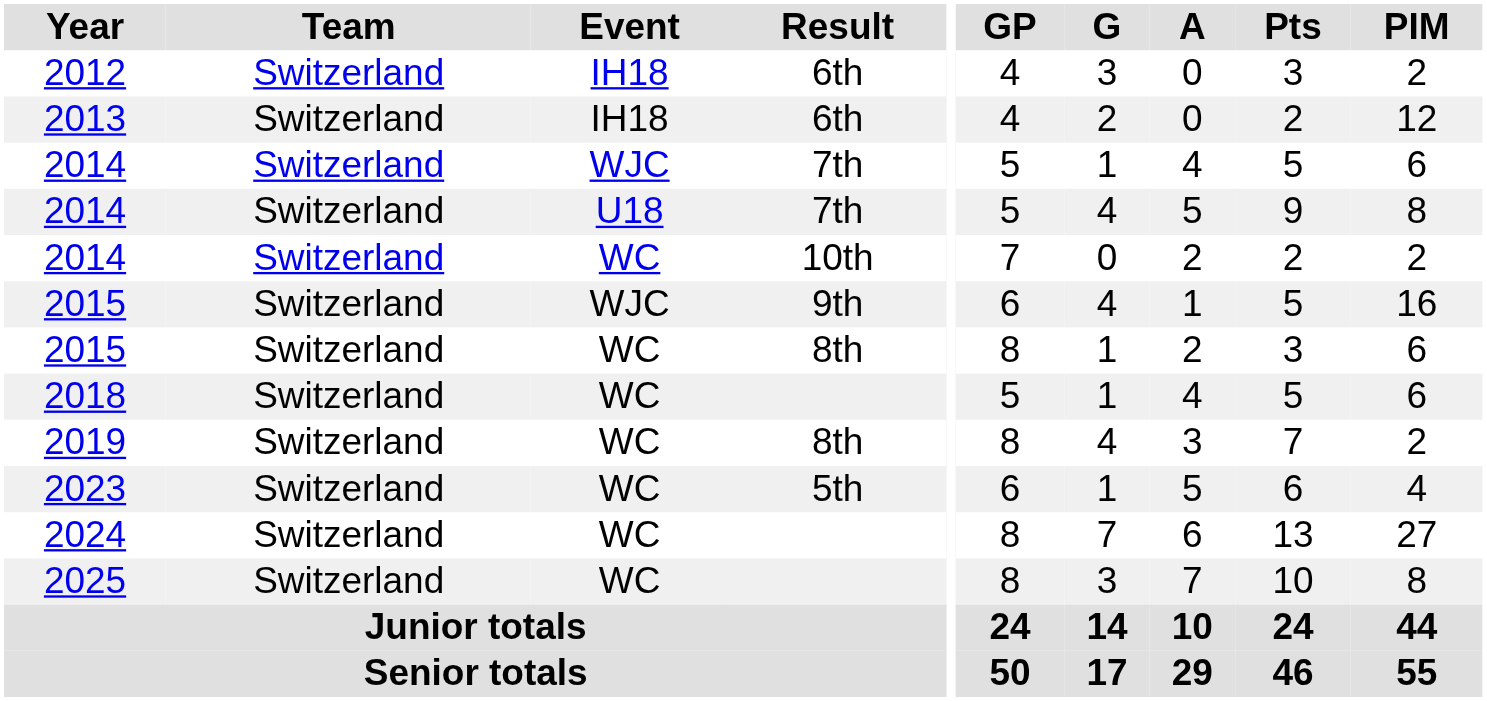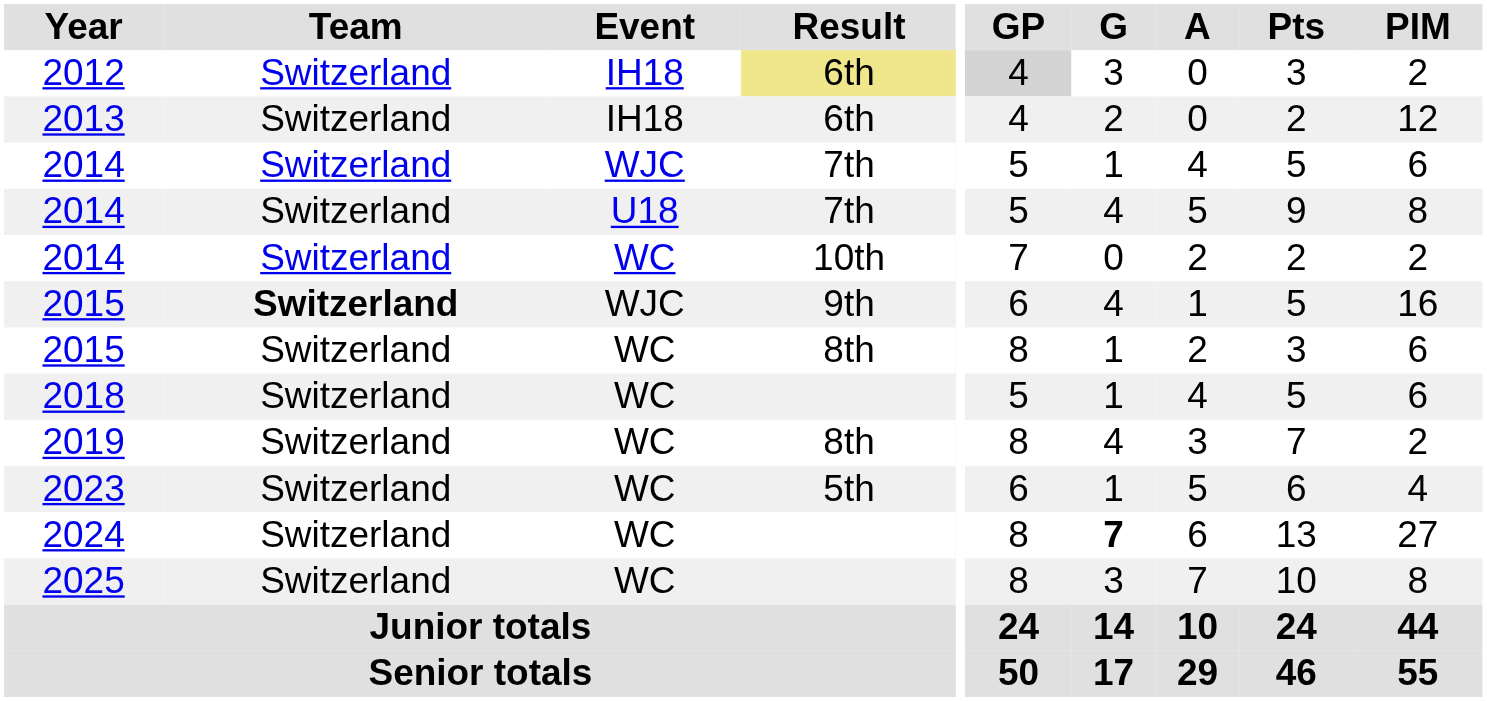 <table border="0" cellpadding="1" cellspacing="0" ID="Table3" style="text-align:center; width:40em">
 <tr ALIGN="center" bgcolor="#e0e0e0">
 <th>Year</th>
 <th>Team</th>
 <th>Event</th>
 <th>Result</th>
 <th rowspan="99" bgcolor="#fff"></th>
 <th>GP</th>
 <th>G</th>
 <th>A</th>
 <th>Pts</th>
 <th>PIM</th>
 </tr>
 <tr>
 <td><a href='#'>2012</a></td>
 <td><a href='#'>Switzerland</a></td>
 <td><a href='#'>IH18</a></td>
-<td>6th</td>
-<td>4</td>
+<td style="background: khaki;">6th</td>
+<td style="background: lightgrey;">4</td>
 <td>3</td>
 <td>0</td>
 <td>3</td>
 <td>2</td>
 </tr>
 <tr bgcolor="#f0f0f0">
 <td><a href='#'>2013</a></td>
 <td>Switzerland</td>
 <td>IH18</td>
 <td>6th</td>
 <td>4</td>
 <td>2</td>
 <td>0</td>
 <td>2</td>
 <td>12</td>
 </tr>
 <tr>
 <td><a href='#'>2014</a></td>
 <td><a href='#'>Switzerland</a></td>
 <td><a href='#'>WJC</a></td>
 <td>7th</td>
 <td>5</td>
 <td>1</td>
 <td>4</td>
 <td>5</td>
 <td>6</td>
 </tr>
 <tr bgcolor="#f0f0f0">
 <td><a href='#'>2014</a></td>
 <td>Switzerland</td>
 <td><a href='#'>U18</a></td>
 <td>7th</td>
 <td>5</td>
 <td>4</td>
 <td>5</td>
 <td>9</td>
 <td>8</td>
 </tr>
 <tr>
 <td><a href='#'>2014</a></td>
 <td><a href='#'>Switzerland</a></td>
 <td><a href='#'>WC</a></td>
 <td>10th</td>
 <td>7</td>
 <td>0</td>
 <td>2</td>
 <td>2</td>
 <td>2</td>
 </tr>
 <tr bgcolor="#f0f0f0">
 <td><a href='#'>2015</a></td>
-<td>Switzerland</td>
+<td><strong>Switzerland</strong></td>
 <td>WJC</td>
 <td>9th</td>
 <td>6</td>
 <td>4</td>
 <td>1</td>
 <td>5</td>
 <td>16</td>
 </tr>
 <tr>
 <td><a href='#'>2015</a></td>
 <td>Switzerland</td>
 <td>WC</td>
 <td>8th</td>
 <td>8</td>
 <td>1</td>
 <td>2</td>
 <td>3</td>
 <td>6</td>
 </tr>
 <tr bgcolor="#f0f0f0">
 <td><a href='#'>2018</a></td>
 <td>Switzerland</td>
 <td>WC</td>
 <td></td>
 <td>5</td>
 <td>1</td>
 <td>4</td>
 <td>5</td>
 <td>6</td>
 </tr>
 <tr>
 <td><a href='#'>2019</a></td>
 <td>Switzerland</td>
 <td>WC</td>
 <td>8th</td>
 <td>8</td>
 <td>4</td>
 <td>3</td>
 <td>7</td>
 <td>2</td>
 </tr>
 <tr bgcolor="#f0f0f0">
 <td><a href='#'>2023</a></td>
 <td>Switzerland</td>
 <td>WC</td>
 <td>5th</td>
 <td>6</td>
 <td>1</td>
 <td>5</td>
 <td>6</td>
 <td>4</td>
 </tr>
 <tr>
 <td><a href='#'>2024</a></td>
 <td>Switzerland</td>
 <td>WC</td>
 <td></td>
 <td>8</td>
-<td>7</td>
+<td><strong>7</strong></td>
 <td>6</td>
 <td>13</td>
 <td>27</td>
 </tr>
 <tr bgcolor="#f0f0f0">
 <td><a href='#'>2025</a></td>
 <td>Switzerland</td>
 <td>WC</td>
 <td></td>
 <td>8</td>
 <td>3</td>
 <td>7</td>
 <td>10</td>
 <td>8</td>
 </tr>
 <tr bgcolor="#e0e0e0">
 <th colspan=4>Junior totals</th>
 <th>24</th>
 <th>14</th>
 <th>10</th>
 <th>24</th>
 <th>44</th>
 </tr>
 <tr bgcolor="#e0e0e0">
 <th colspan=4>Senior totals</th>
 <th>50</th>
 <th>17</th>
 <th>29</th>
 <th>46</th>
 <th>55</th>
 </tr>
 </table>
